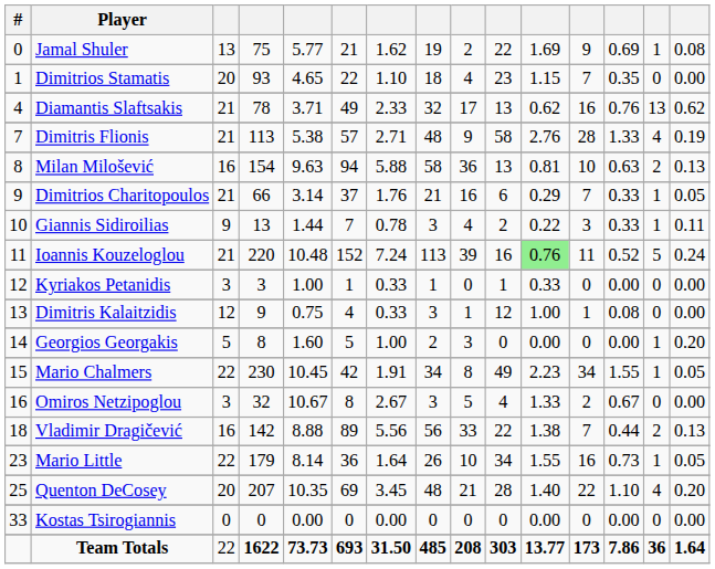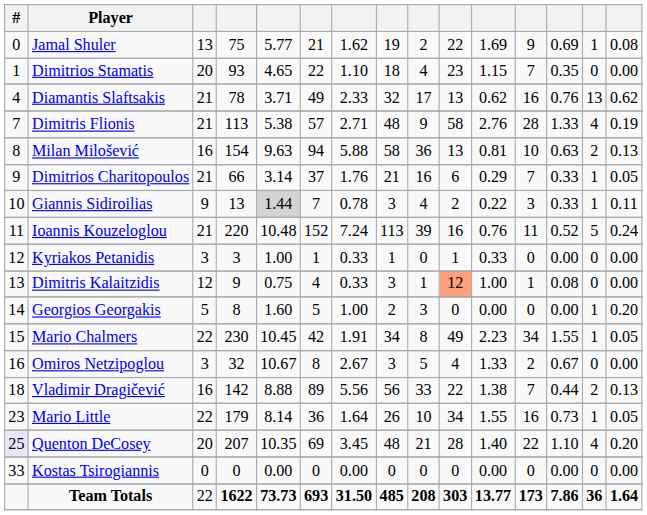 <table class="wikitable sortable" style="font-size:90%; text-align:center;">
 <tr>
 <th>#</th>
 <th>Player</th>
 <th></th>
 <th></th>
 <th></th>
 <th></th>
 <th></th>
 <th></th>
 <th></th>
 <th></th>
 <th></th>
 <th></th>
 <th></th>
 <th></th>
 <th></th>
 </tr>
 <tr>
 <td>0</td>
 <td align="left"> <a href='#'>Jamal Shuler</a></td>
 <td>13</td>
 <td>75</td>
 <td>5.77</td>
 <td>21</td>
 <td>1.62</td>
 <td>19</td>
 <td>2</td>
 <td>22</td>
 <td>1.69</td>
 <td>9</td>
 <td>0.69</td>
 <td>1</td>
 <td>0.08</td>
 </tr>
 <tr>
 </tr>
 <tr>
 <td>1</td>
 <td align="left"> <a href='#'>Dimitrios Stamatis</a></td>
 <td>20</td>
 <td>93</td>
 <td>4.65</td>
 <td>22</td>
 <td>1.10</td>
 <td>18</td>
 <td>4</td>
 <td>23</td>
 <td>1.15</td>
 <td>7</td>
 <td>0.35</td>
 <td>0</td>
 <td>0.00</td>
 </tr>
 <tr>
 </tr>
 <tr>
 <td>4</td>
 <td align="left"> <a href='#'>Diamantis Slaftsakis</a></td>
 <td>21</td>
 <td>78</td>
 <td>3.71</td>
 <td>49</td>
 <td>2.33</td>
 <td>32</td>
 <td>17</td>
 <td>13</td>
 <td>0.62</td>
 <td>16</td>
 <td>0.76</td>
 <td>13</td>
 <td>0.62</td>
 </tr>
 <tr>
 </tr>
 <tr>
 <td>7</td>
 <td align="left"> <a href='#'>Dimitris Flionis</a></td>
 <td>21</td>
 <td>113</td>
 <td>5.38</td>
 <td>57</td>
 <td>2.71</td>
 <td>48</td>
 <td>9</td>
 <td>58</td>
 <td>2.76</td>
 <td>28</td>
 <td>1.33</td>
 <td>4</td>
 <td>0.19</td>
 </tr>
 <tr>
 </tr>
 <tr>
 <td>8</td>
 <td align="left"> <a href='#'>Milan Milošević</a></td>
 <td>16</td>
 <td>154</td>
 <td>9.63</td>
 <td>94</td>
 <td>5.88</td>
 <td>58</td>
 <td>36</td>
 <td>13</td>
 <td>0.81</td>
 <td>10</td>
 <td>0.63</td>
 <td>2</td>
 <td>0.13</td>
 </tr>
 <tr>
 </tr>
 <tr>
 <td>9</td>
 <td align="left"> <a href='#'>Dimitrios Charitopoulos</a></td>
 <td>21</td>
 <td>66</td>
 <td>3.14</td>
 <td>37</td>
 <td>1.76</td>
 <td>21</td>
 <td>16</td>
 <td>6</td>
 <td>0.29</td>
 <td>7</td>
 <td>0.33</td>
 <td>1</td>
 <td>0.05</td>
 </tr>
 <tr>
 </tr>
 <tr>
 <td>10</td>
 <td align="left"> <a href='#'>Giannis Sidiroilias</a></td>
 <td>9</td>
 <td>13</td>
-<td>1.44</td>
+<td style="background: lightgrey;">1.44</td>
 <td>7</td>
 <td>0.78</td>
 <td>3</td>
 <td>4</td>
 <td>2</td>
 <td>0.22</td>
 <td>3</td>
 <td>0.33</td>
 <td>1</td>
 <td>0.11</td>
 </tr>
 <tr>
 </tr>
 <tr>
 <td>11</td>
 <td align="left"> <a href='#'>Ioannis Kouzeloglou</a></td>
 <td>21</td>
 <td>220</td>
 <td>10.48</td>
 <td>152</td>
 <td>7.24</td>
 <td>113</td>
 <td>39</td>
 <td>16</td>
-<td style="background: lightgreen;">0.76</td>
+<td>0.76</td>
 <td>11</td>
 <td>0.52</td>
 <td>5</td>
 <td>0.24</td>
 </tr>
 <tr>
 </tr>
 <tr>
 <td>12</td>
 <td align="left"> <a href='#'>Kyriakos Petanidis</a></td>
 <td>3</td>
 <td>3</td>
 <td>1.00</td>
 <td>1</td>
 <td>0.33</td>
 <td>1</td>
 <td>0</td>
 <td>1</td>
 <td>0.33</td>
 <td>0</td>
 <td>0.00</td>
 <td>0</td>
 <td>0.00</td>
 </tr>
 <tr>
 </tr>
 <tr>
 <td>13</td>
 <td align="left"> <a href='#'>Dimitris Kalaitzidis</a></td>
 <td>12</td>
 <td>9</td>
 <td>0.75</td>
 <td>4</td>
 <td>0.33</td>
 <td>3</td>
 <td>1</td>
-<td>12</td>
+<td style="background: lightsalmon;">12</td>
 <td>1.00</td>
 <td>1</td>
 <td>0.08</td>
 <td>0</td>
 <td>0.00</td>
 </tr>
 <tr>
 </tr>
 <tr>
 <td>14</td>
 <td align="left"> <a href='#'>Georgios Georgakis</a></td>
 <td>5</td>
 <td>8</td>
 <td>1.60</td>
 <td>5</td>
 <td>1.00</td>
 <td>2</td>
 <td>3</td>
 <td>0</td>
 <td>0.00</td>
 <td>0</td>
 <td>0.00</td>
 <td>1</td>
 <td>0.20</td>
 </tr>
 <tr>
 </tr>
 <tr>
 <td>15</td>
 <td align="left"> <a href='#'>Mario Chalmers</a></td>
 <td>22</td>
 <td>230</td>
 <td>10.45</td>
 <td>42</td>
 <td>1.91</td>
 <td>34</td>
 <td>8</td>
 <td>49</td>
 <td>2.23</td>
 <td>34</td>
 <td>1.55</td>
 <td>1</td>
 <td>0.05</td>
 </tr>
 <tr>
 </tr>
 <tr>
 <td>16</td>
 <td align="left"> <a href='#'>Omiros Netzipoglou</a></td>
 <td>3</td>
 <td>32</td>
 <td>10.67</td>
 <td>8</td>
 <td>2.67</td>
 <td>3</td>
 <td>5</td>
 <td>4</td>
 <td>1.33</td>
 <td>2</td>
 <td>0.67</td>
 <td>0</td>
 <td>0.00</td>
 </tr>
 <tr>
 </tr>
 <tr>
 <td>18</td>
 <td align="left"> <a href='#'>Vladimir Dragičević</a></td>
 <td>16</td>
 <td>142</td>
 <td>8.88</td>
 <td>89</td>
 <td>5.56</td>
 <td>56</td>
 <td>33</td>
 <td>22</td>
 <td>1.38</td>
 <td>7</td>
 <td>0.44</td>
 <td>2</td>
 <td>0.13</td>
 </tr>
 <tr>
 </tr>
 <tr>
 <td>23</td>
 <td align="left"> <a href='#'>Mario Little</a></td>
 <td>22</td>
 <td>179</td>
 <td>8.14</td>
 <td>36</td>
 <td>1.64</td>
 <td>26</td>
 <td>10</td>
 <td>34</td>
 <td>1.55</td>
 <td>16</td>
 <td>0.73</td>
 <td>1</td>
 <td>0.05</td>
 </tr>
 <tr>
 </tr>
 <tr>
-<td>25</td>
+<td style="background: lavender;">25</td>
 <td align="left"> <a href='#'>Quenton DeCosey</a></td>
 <td>20</td>
 <td>207</td>
 <td>10.35</td>
 <td>69</td>
 <td>3.45</td>
 <td>48</td>
 <td>21</td>
 <td>28</td>
 <td>1.40</td>
 <td>22</td>
 <td>1.10</td>
 <td>4</td>
 <td>0.20</td>
 </tr>
 <tr>
 </tr>
 <tr>
 <td>33</td>
 <td align="left"> <a href='#'>Kostas Tsirogiannis</a></td>
 <td>0</td>
 <td>0</td>
 <td>0.00</td>
 <td>0</td>
 <td>0.00</td>
 <td>0</td>
 <td>0</td>
 <td>0</td>
 <td>0.00</td>
 <td>0</td>
 <td>0.00</td>
 <td>0</td>
 <td>0.00</td>
 </tr>
 <tr>
 </tr>
 <tr>
 <td></td>
 <td><strong>Team Totals</strong></td>
 <td>22</td>
 <td><strong>1622</strong></td>
 <td><strong>73.73</strong></td>
 <td><strong>693</strong></td>
 <td><strong>31.50</strong></td>
 <td><strong>485</strong></td>
 <td><strong>208</strong></td>
 <td><strong>303</strong></td>
 <td><strong>13.77</strong></td>
 <td><strong>173</strong></td>
 <td><strong>7.86</strong></td>
 <td><strong>36</strong></td>
 <td><strong>1.64</strong></td>
 </tr>
 <tr>
 </tr>
 </table>
